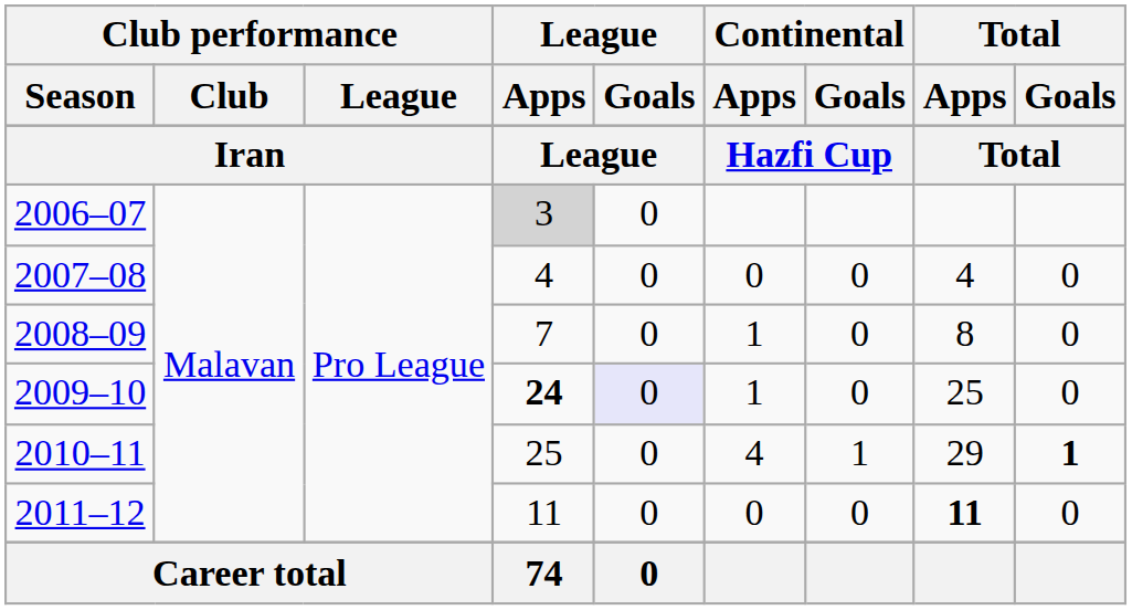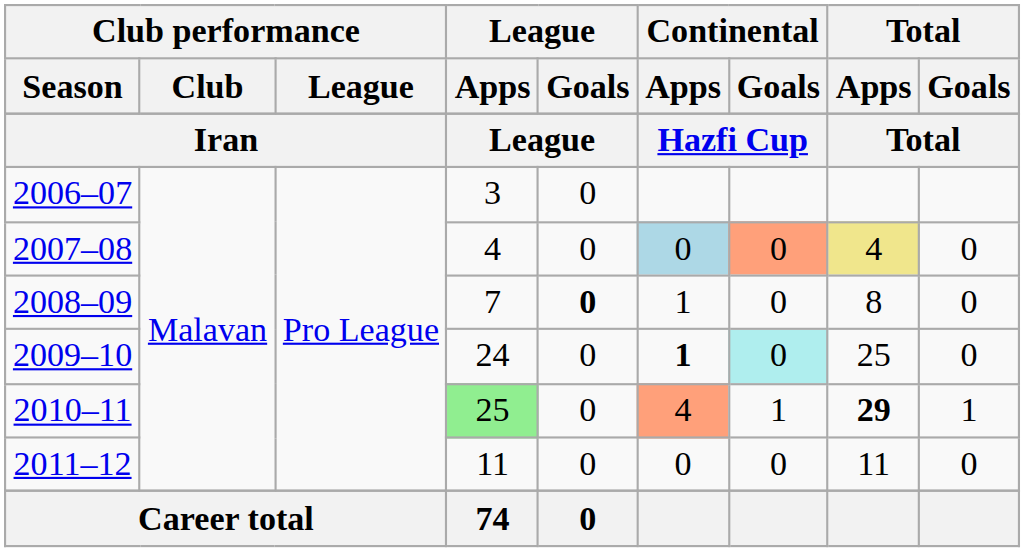 <table class="wikitable" style="text-align:center">
 <tr>
 <th colspan=3>Club performance</th>
 <th colspan=2>League</th>
 <th colspan=2>Continental</th>
 <th colspan=2>Total</th>
 </tr>
 <tr>
 <th>Season</th>
 <th>Club</th>
 <th>League</th>
 <th>Apps</th>
 <th>Goals</th>
 <th>Apps</th>
 <th>Goals</th>
 <th>Apps</th>
 <th>Goals</th>
 </tr>
 <tr>
 </tr>
 <tr>
 <th colspan=3>Iran</th>
 <th colspan=2>League</th>
 <th colspan=2><a href='#'>Hazfi Cup</a></th>
 <th colspan=2>Total</th>
 </tr>
 <tr>
 <td><a href='#'>2006–07</a></td>
 <td rowspan="6"><a href='#'>Malavan</a></td>
 <td rowspan="6"><a href='#'>Pro League</a></td>
-<td style="background: lightgrey;">3</td>
+<td>3</td>
 <td>0</td>
 <td></td>
 <td></td>
 <td></td>
 <td></td>
 </tr>
 <tr>
 <td><a href='#'>2007–08</a></td>
 <td>4</td>
 <td>0</td>
-<td>0</td>
-<td>0</td>
-<td>4</td>
+<td style="background: lightblue;">0</td>
+<td style="background: lightsalmon;">0</td>
+<td style="background: khaki;">4</td>
 <td>0</td>
 </tr>
 <tr>
 <td><a href='#'>2008–09</a></td>
 <td>7</td>
-<td>0</td>
+<td><strong>0</strong></td>
 <td>1</td>
 <td>0</td>
 <td>8</td>
 <td>0</td>
 </tr>
 <tr>
 <td><a href='#'>2009–10</a></td>
-<td><strong>24</strong></td>
-<td style="background: lavender;">0</td>
-<td>1</td>
+<td>24</td>
 <td>0</td>
+<td><strong>1</strong></td>
+<td style="background: paleturquoise;">0</td>
 <td>25</td>
 <td>0</td>
 </tr>
 <tr>
 <td><a href='#'>2010–11</a></td>
-<td>25</td>
+<td style="background: lightgreen;">25</td>
 <td>0</td>
-<td>4</td>
+<td style="background: lightsalmon;">4</td>
 <td>1</td>
-<td>29</td>
-<td><strong>1</strong></td>
+<td><strong>29</strong></td>
+<td>1</td>
 </tr>
 <tr>
 <td><a href='#'>2011–12</a></td>
 <td>11</td>
 <td>0</td>
 <td>0</td>
 <td>0</td>
-<td><strong>11</strong></td>
+<td>11</td>
 <td>0</td>
 </tr>
 <tr>
 </tr>
 <tr>
 <th colspan=3>Career total</th>
 <th>74</th>
 <th>0</th>
 <th></th>
 <th></th>
 <th></th>
 <th></th>
 </tr>
 </table>
